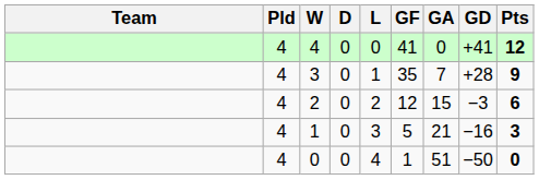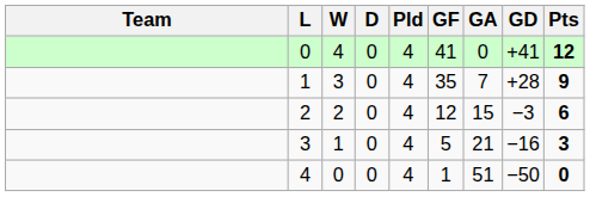 <table class="wikitable" style="text-align:center;">
 <tr>
 <th width=225>Team</th>
-<th width=20 abbr="Played">Pld</th>
+<th width=20 abbr="Lost">L</th>
 <th width=20 abbr="Won">W</th>
 <th width=20 abbr="Drawn">D</th>
-<th width=20 abbr="Lost">L</th>
+<th width=20 abbr="Played">Pld</th>
 <th width=20 abbr="Goals for">GF</th>
 <th width=20 abbr="Goals against">GA</th>
 <th width=20 abbr="Goal difference">GD</th>
 <th width=20 abbr="Points">Pts</th>
 </tr>
 <tr style="background:#ccffcc;">
 <td align="left"></td>
-<td>4</td>
+<td>0</td>
 <td>4</td>
 <td>0</td>
-<td>0</td>
+<td>4</td>
 <td>41</td>
 <td>0</td>
 <td>+41</td>
 <td><strong>12</strong></td>
 </tr>
 <tr>
 <td align="left"></td>
-<td>4</td>
+<td>1</td>
 <td>3</td>
 <td>0</td>
-<td>1</td>
+<td>4</td>
 <td>35</td>
 <td>7</td>
 <td>+28</td>
 <td><strong>9</strong></td>
 </tr>
 <tr>
 <td align="left"></td>
-<td>4</td>
+<td>2</td>
 <td>2</td>
 <td>0</td>
-<td>2</td>
+<td>4</td>
 <td>12</td>
 <td>15</td>
 <td>−3</td>
 <td><strong>6</strong></td>
 </tr>
 <tr>
 <td align="left"></td>
-<td>4</td>
+<td>3</td>
 <td>1</td>
 <td>0</td>
-<td>3</td>
+<td>4</td>
 <td>5</td>
 <td>21</td>
 <td>−16</td>
 <td><strong>3</strong></td>
 </tr>
 <tr>
 <td align="left"></td>
 <td>4</td>
 <td>0</td>
 <td>0</td>
 <td>4</td>
 <td>1</td>
 <td>51</td>
 <td>−50</td>
 <td><strong>0</strong></td>
 </tr>
 </table>
